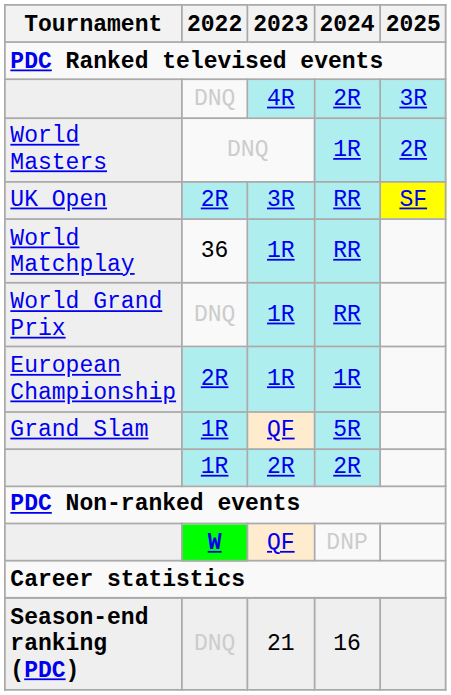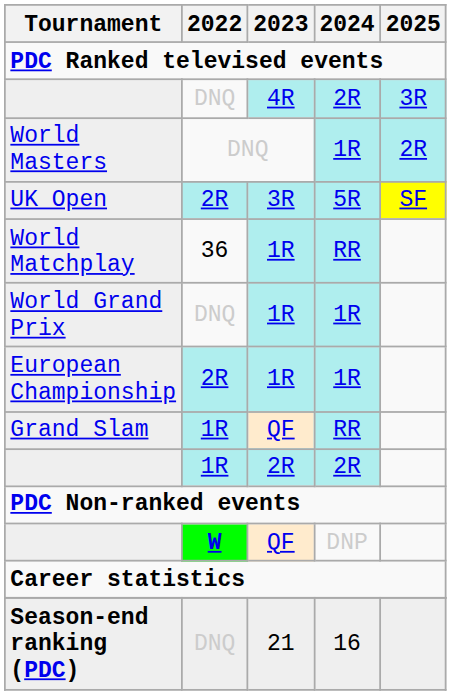 <table class="wikitable" style="width:20%; margin:0">
 <tr>
 <th>Tournament</th>
 <th>2022</th>
 <th>2023</th>
 <th>2024</th>
 <th>2025</th>
 </tr>
 <tr>
 <td colspan="9" style="text-align:left"><strong><a href='#'>PDC</a> Ranked televised events</strong></td>
 </tr>
 <tr>
 <td style="background:#efefef;"></td>
 <td style="text-align:center; color:#ccc;">DNQ</td>
 <td style="text-align:center; background:#afeeee;"><a href='#'>4R</a></td>
 <td style="text-align:center; background:#afeeee;"><a href='#'>2R</a></td>
 <td style="text-align:center; background:#afeeee;"><a href='#'>3R</a></td>
 </tr>
 <tr>
 <td style="background:#efefef;"><a href='#'>World Masters</a></td>
 <td colspan="2" style="text-align:center; color:#ccc;">DNQ</td>
 <td style="text-align:center; background:#afeeee;"><a href='#'>1R</a></td>
 <td style="text-align:center; background:#afeeee;"><a href='#'>2R</a></td>
 </tr>
 <tr>
 <td style="background:#efefef;"><a href='#'>UK Open</a></td>
 <td style="text-align:center; background:#afeeee;"><a href='#'>2R</a></td>
 <td style="text-align:center; background:#afeeee;"><a href='#'>3R</a></td>
-<td style="text-align:center; background:#afeeee;"><a href='#'>RR</a></td>
+<td style="text-align:center; background:#afeeee;"><a href='#'>5R</a></td>
 <td style="text-align:center; background:yellow;"><a href='#'>SF</a></td>
 </tr>
 <tr>
 <td style="background:#efefef;"><a href='#'>World Matchplay</a></td>
 <td style="text-align:center;">36</td>
 <td style="text-align:center; background:#afeeee;"><a href='#'>1R</a></td>
 <td style="text-align:center; background:#afeeee;"><a href='#'>RR</a></td>
 <td></td>
 </tr>
 <tr>
 <td style="background:#efefef;"><a href='#'>World Grand Prix</a></td>
 <td style="text-align:center; color:#ccc;">DNQ</td>
 <td style="text-align:center; background:#afeeee;"><a href='#'>1R</a></td>
-<td style="text-align:center; background:#afeeee;"><a href='#'>RR</a></td>
+<td style="text-align:center; background:#afeeee;"><a href='#'>1R</a></td>
 <td></td>
 </tr>
 <tr>
 <td style="background:#efefef;"><a href='#'>European Championship</a></td>
 <td style="text-align:center; background:#afeeee;"><a href='#'>2R</a></td>
 <td style="text-align:center; background:#afeeee;"><a href='#'>1R</a></td>
 <td style="text-align:center; background:#afeeee;"><a href='#'>1R</a></td>
 <td></td>
 </tr>
 <tr>
 <td style="background:#efefef;"><a href='#'>Grand Slam</a></td>
 <td style="text-align:center; background:#afeeee;"><a href='#'>1R</a></td>
 <td style="text-align:center; background:#ffebcd;"><a href='#'>QF</a></td>
-<td style="text-align:center; background:#afeeee;"><a href='#'>5R</a></td>
+<td style="text-align:center; background:#afeeee;"><a href='#'>RR</a></td>
 <td></td>
 </tr>
 <tr>
 <td style="background:#efefef;"></td>
 <td style="text-align:center; background:#afeeee;"><a href='#'>1R</a></td>
 <td style="text-align:center; background:#afeeee;"><a href='#'>2R</a></td>
 <td style="text-align:center; background:#afeeee;"><a href='#'>2R</a></td>
 <td></td>
 </tr>
 <tr>
 <td colspan="9" style="text-align:left"><strong><a href='#'>PDC</a> Non-ranked events</strong></td>
 </tr>
 <tr>
 <td style="background:#efefef;"></td>
 <td style="text-align:center; background:lime;"><a href='#'><strong>W</strong></a></td>
 <td style="text-align:center; background:#ffebcd;"><a href='#'>QF</a></td>
 <td style="text-align:center; color:#ccc;">DNP</td>
 <td></td>
 </tr>
 <tr>
 <td colspan="9" style="text-align:left"><strong>Career statistics</strong></td>
 </tr>
 <tr>
 </tr>
 <tr style="background:#efefef">
 <td style="text-align:left"><strong>Season-end ranking (<a href='#'>PDC</a>)</strong></td>
 <td style="text-align:center; color:#ccc;">DNQ</td>
 <td style="text-align:center;">21</td>
 <td style="text-align:center;">16</td>
 <td></td>
 </tr>
 </table>
